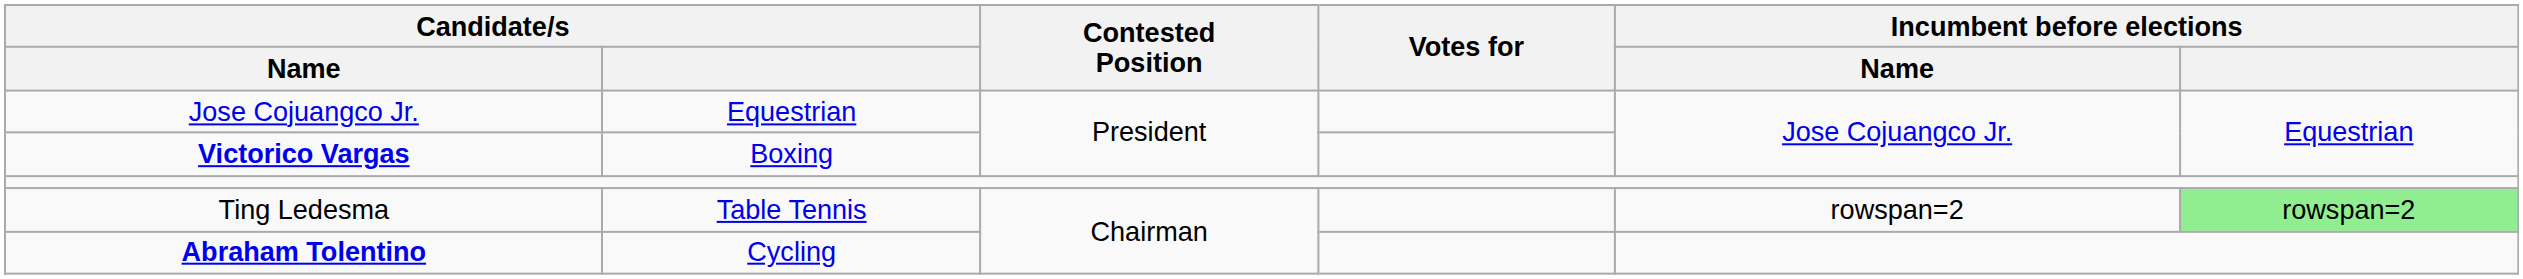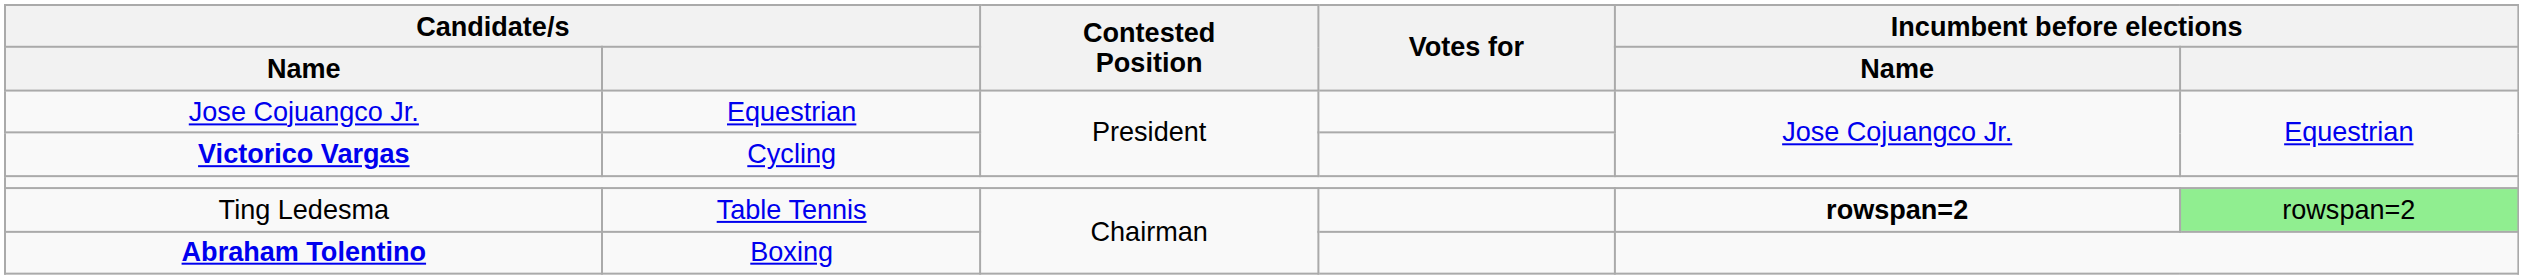 <table class="wikitable" style="text-align: center; font-size:85%;" width=100%>
 <tr>
 <th colspan=2>Candidate/s</th>
 <th rowspan=2>Contested<br>Position</th>
 <th rowspan=2>Votes for</th>
 <th colspan=2>Incumbent before elections</th>
 </tr>
 <tr>
 <th>Name</th>
 <th></th>
 <th>Name</th>
 <th></th>
 </tr>
 <tr>
 <td><a href='#'>Jose Cojuangco Jr.</a></td>
 <td><a href='#'>Equestrian</a></td>
 <td rowspan=2>President</td>
 <td></td>
 <td rowspan=2><a href='#'>Jose Cojuangco Jr.</a></td>
 <td rowspan=2><a href='#'>Equestrian</a></td>
 </tr>
 <tr>
 <td><strong><a href='#'>Victorico Vargas</a></strong></td>
-<td><a href='#'>Boxing</a></td>
+<td><a href='#'>Cycling</a></td>
 <td><strong></strong></td>
 </tr>
 <tr>
 <td colspan=6></td>
 </tr>
 <tr>
 <td>Ting Ledesma</td>
 <td><a href='#'>Table Tennis</a></td>
 <td rowspan=2>Chairman</td>
 <td></td>
-<td>rowspan=2</td>
+<td><strong>rowspan=2</strong></td>
 <td style="background: lightgreen;">rowspan=2</td>
 </tr>
 <tr>
 <td><strong><a href='#'>Abraham Tolentino</a></strong></td>
-<td><a href='#'>Cycling</a></td>
+<td><a href='#'>Boxing</a></td>
 <td><strong></strong></td>
 </tr>
 </table>
